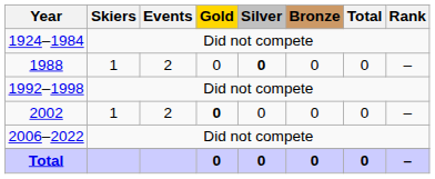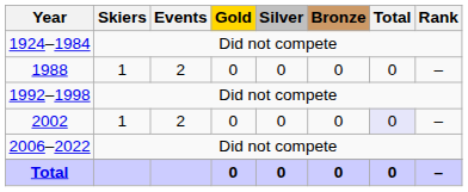 <table class="wikitable sortable collapsible collapsed">
 <tr>
 <th>Year</th>
 <th>Skiers</th>
 <th>Events</th>
 <th style="text-align:center; background-color:gold;"><strong>Gold</strong></th>
 <th style="text-align:center; background-color:silver;"><strong>Silver</strong></th>
 <th style="text-align:center; background-color:#c96;"><strong>Bronze</strong></th>
 <th>Total</th>
 <th>Rank</th>
 </tr>
 <tr style="text-align:center">
 <td><a href='#'>1924</a>–<a href='#'>1984</a></td>
 <td colspan="7">Did not compete</td>
 </tr>
 <tr style="text-align:center">
 <td><a href='#'>1988</a></td>
 <td>1</td>
 <td>2</td>
 <td>0</td>
-<td><strong>0</strong></td>
+<td>0</td>
 <td>0</td>
 <td>0</td>
 <td>–</td>
 </tr>
 <tr style="text-align:center">
 <td><a href='#'>1992</a>–<a href='#'>1998</a></td>
 <td colspan="7">Did not compete</td>
 </tr>
 <tr style="text-align:center">
 <td><a href='#'>2002</a></td>
 <td>1</td>
 <td>2</td>
-<td><strong>0</strong></td>
 <td>0</td>
 <td>0</td>
 <td>0</td>
+<td style="background: lavender;">0</td>
 <td>–</td>
 </tr>
 <tr style="text-align:center">
 <td><a href='#'>2006</a>–<a href='#'>2022</a></td>
 <td colspan="7">Did not compete</td>
 </tr>
 <tr style="text-align:center">
 </tr>
 <tr style="text-align:center; background-color:#ccf;">
 <td><strong><a href='#'>Total</a></strong></td>
 <td></td>
 <td></td>
 <td><strong>0</strong></td>
 <td><strong>0</strong></td>
 <td><strong>0</strong></td>
 <td><strong>0</strong></td>
 <td><strong>–</strong></td>
 </tr>
 </table>
